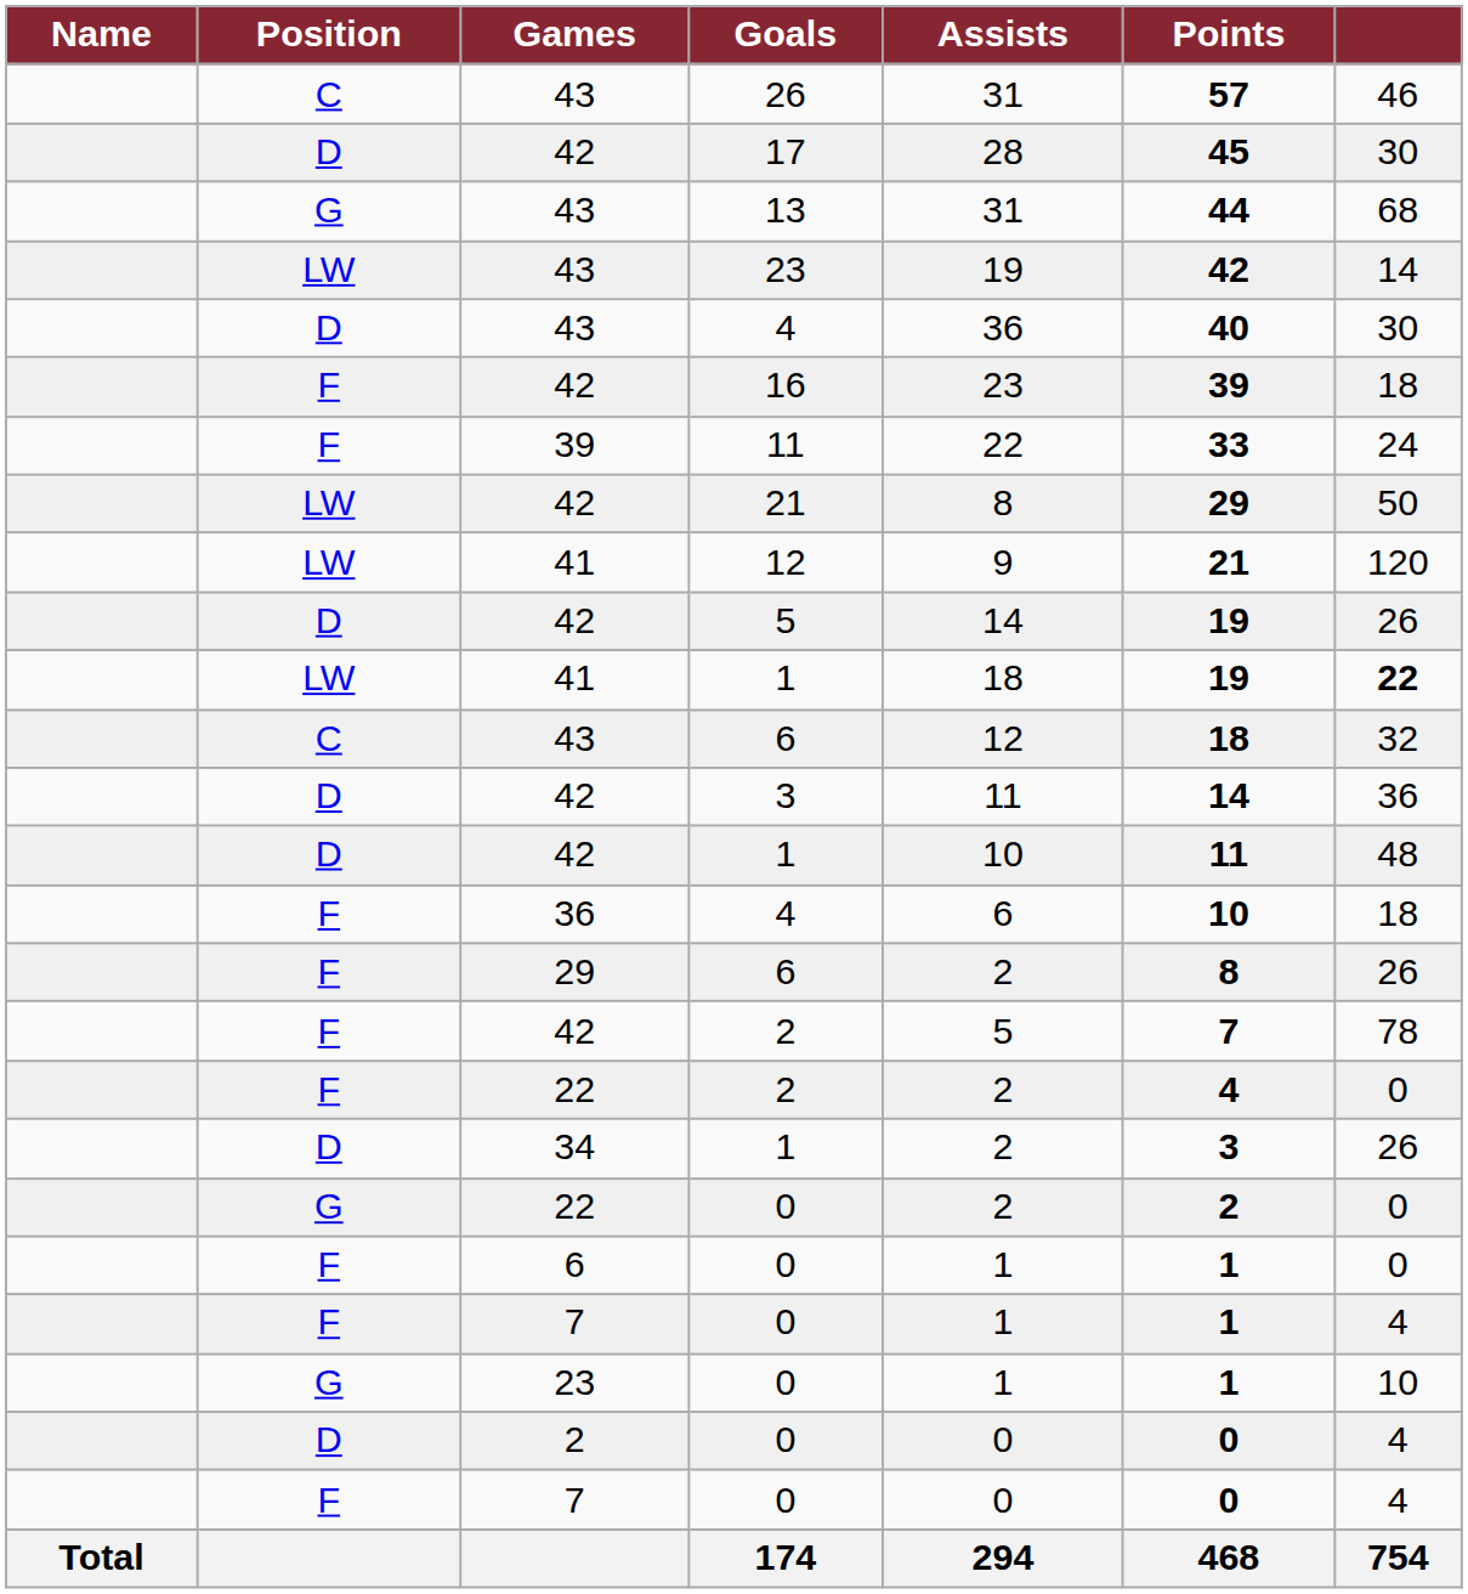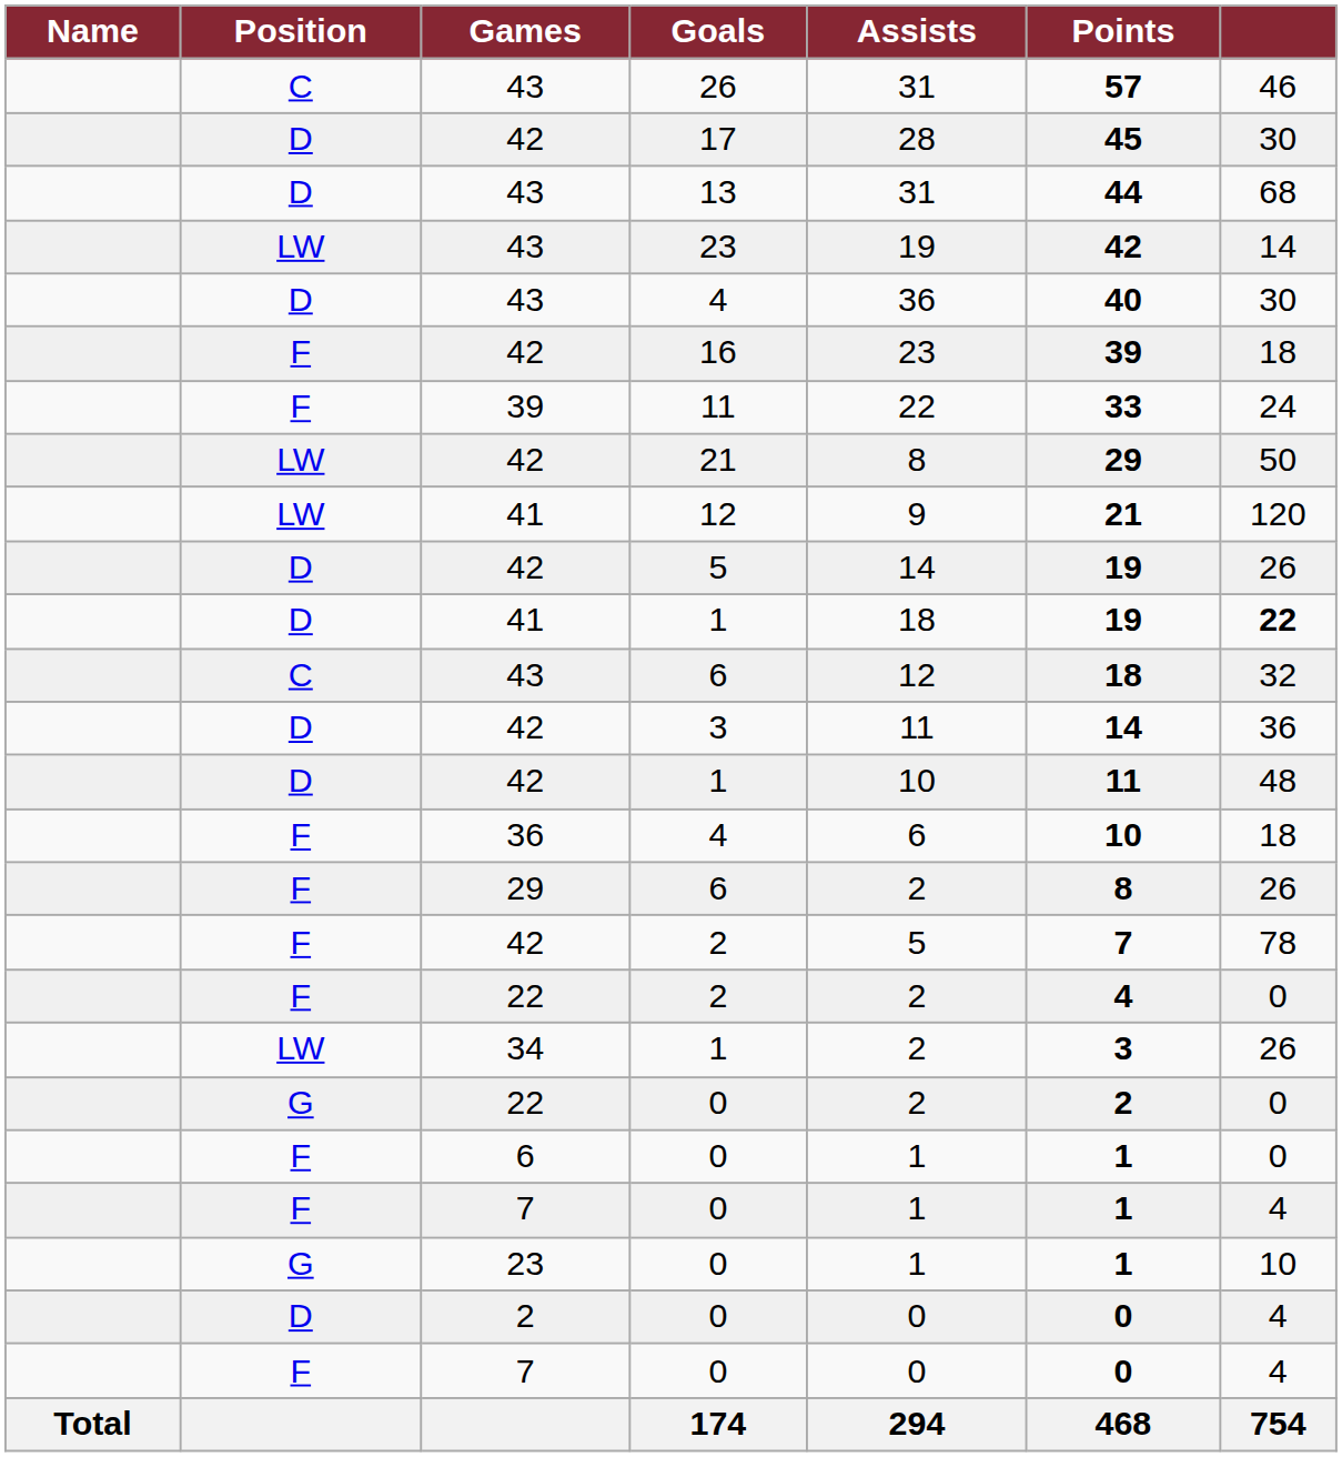 <table class="wikitable sortable" width ="50%">
 <tr align="center">
 <th style="color:white; background:#862633; ">Name</th>
 <th style="color:white; background:#862633; ">Position</th>
 <th style="color:white; background:#862633; ">Games</th>
 <th style="color:white; background:#862633; ">Goals</th>
 <th style="color:white; background:#862633; ">Assists</th>
 <th style="color:white; background:#862633; ">Points</th>
 <th style="color:white; background:#862633; "><a href='#'></a></th>
 </tr>
 <tr align="center" bgcolor="">
 <td></td>
 <td><a href='#'>C</a></td>
 <td>43</td>
 <td>26</td>
 <td>31</td>
 <td><strong>57</strong></td>
 <td>46</td>
 </tr>
 <tr align="center" bgcolor="f0f0f0">
 <td></td>
 <td><a href='#'>D</a></td>
 <td>42</td>
 <td>17</td>
 <td>28</td>
 <td><strong>45</strong></td>
 <td>30</td>
 </tr>
 <tr align="center" bgcolor="">
 <td></td>
-<td><a href='#'>G</a></td>
+<td><a href='#'>D</a></td>
 <td>43</td>
 <td>13</td>
 <td>31</td>
 <td><strong>44</strong></td>
 <td>68</td>
 </tr>
 <tr align="center" bgcolor="f0f0f0">
 <td></td>
 <td><a href='#'>LW</a></td>
 <td>43</td>
 <td>23</td>
 <td>19</td>
 <td><strong>42</strong></td>
 <td>14</td>
 </tr>
 <tr align="center" bgcolor="">
 <td></td>
 <td><a href='#'>D</a></td>
 <td>43</td>
 <td>4</td>
 <td>36</td>
 <td><strong>40</strong></td>
 <td>30</td>
 </tr>
 <tr align="center" bgcolor="f0f0f0">
 <td></td>
 <td><a href='#'>F</a></td>
 <td>42</td>
 <td>16</td>
 <td>23</td>
 <td><strong>39</strong></td>
 <td>18</td>
 </tr>
 <tr align="center" bgcolor="">
 <td></td>
 <td><a href='#'>F</a></td>
 <td>39</td>
 <td>11</td>
 <td>22</td>
 <td><strong>33</strong></td>
 <td>24</td>
 </tr>
 <tr align="center" bgcolor="f0f0f0">
 <td></td>
 <td><a href='#'>LW</a></td>
 <td>42</td>
 <td>21</td>
 <td>8</td>
 <td><strong>29</strong></td>
 <td>50</td>
 </tr>
 <tr align="center" bgcolor="">
 <td></td>
 <td><a href='#'>LW</a></td>
 <td>41</td>
 <td>12</td>
 <td>9</td>
 <td><strong>21</strong></td>
 <td>120</td>
 </tr>
 <tr align="center" bgcolor="f0f0f0">
 <td></td>
 <td><a href='#'>D</a></td>
 <td>42</td>
 <td>5</td>
 <td>14</td>
 <td><strong>19</strong></td>
 <td>26</td>
 </tr>
 <tr align="center" bgcolor="">
 <td></td>
-<td><a href='#'>LW</a></td>
+<td><a href='#'>D</a></td>
 <td>41</td>
 <td>1</td>
 <td>18</td>
 <td><strong>19</strong></td>
 <td><strong>22</strong></td>
 </tr>
 <tr align="center" bgcolor="f0f0f0">
 <td></td>
 <td><a href='#'>C</a></td>
 <td>43</td>
 <td>6</td>
 <td>12</td>
 <td><strong>18</strong></td>
 <td>32</td>
 </tr>
 <tr align="center" bgcolor="">
 <td></td>
 <td><a href='#'>D</a></td>
 <td>42</td>
 <td>3</td>
 <td>11</td>
 <td><strong>14</strong></td>
 <td>36</td>
 </tr>
 <tr align="center" bgcolor="f0f0f0">
 <td></td>
 <td><a href='#'>D</a></td>
 <td>42</td>
 <td>1</td>
 <td>10</td>
 <td><strong>11</strong></td>
 <td>48</td>
 </tr>
 <tr align="center" bgcolor="">
 <td></td>
 <td><a href='#'>F</a></td>
 <td>36</td>
 <td>4</td>
 <td>6</td>
 <td><strong>10</strong></td>
 <td>18</td>
 </tr>
 <tr align="center" bgcolor="f0f0f0">
 <td></td>
 <td><a href='#'>F</a></td>
 <td>29</td>
 <td>6</td>
 <td>2</td>
 <td><strong>8</strong></td>
 <td>26</td>
 </tr>
 <tr align="center" bgcolor="">
 <td></td>
 <td><a href='#'>F</a></td>
 <td>42</td>
 <td>2</td>
 <td>5</td>
 <td><strong>7</strong></td>
 <td>78</td>
 </tr>
 <tr align="center" bgcolor="f0f0f0">
 <td></td>
 <td><a href='#'>F</a></td>
 <td>22</td>
 <td>2</td>
 <td>2</td>
 <td><strong>4</strong></td>
 <td>0</td>
 </tr>
 <tr align="center" bgcolor="">
 <td></td>
-<td><a href='#'>D</a></td>
+<td><a href='#'>LW</a></td>
 <td>34</td>
 <td>1</td>
 <td>2</td>
 <td><strong>3</strong></td>
 <td>26</td>
 </tr>
 <tr align="center" bgcolor="f0f0f0">
 <td></td>
 <td><a href='#'>G</a></td>
 <td>22</td>
 <td>0</td>
 <td>2</td>
 <td><strong>2</strong></td>
 <td>0</td>
 </tr>
 <tr align="center" bgcolor="">
 <td></td>
 <td><a href='#'>F</a></td>
 <td>6</td>
 <td>0</td>
 <td>1</td>
 <td><strong>1</strong></td>
 <td>0</td>
 </tr>
 <tr align="center" bgcolor="f0f0f0">
 <td></td>
 <td><a href='#'>F</a></td>
 <td>7</td>
 <td>0</td>
 <td>1</td>
 <td><strong>1</strong></td>
 <td>4</td>
 </tr>
 <tr align="center" bgcolor="">
 <td></td>
 <td><a href='#'>G</a></td>
 <td>23</td>
 <td>0</td>
 <td>1</td>
 <td><strong>1</strong></td>
 <td>10</td>
 </tr>
 <tr align="center" bgcolor="f0f0f0">
 <td></td>
 <td><a href='#'>D</a></td>
 <td>2</td>
 <td>0</td>
 <td>0</td>
 <td><strong>0</strong></td>
 <td>4</td>
 </tr>
 <tr align="center" bgcolor="">
 <td></td>
 <td><a href='#'>F</a></td>
 <td>7</td>
 <td>0</td>
 <td>0</td>
 <td><strong>0</strong></td>
 <td>4</td>
 </tr>
 <tr align="center" bgcolor="f0f0f0">
 <th>Total</th>
 <th></th>
 <th></th>
 <th>174</th>
 <th>294</th>
 <th>468</th>
 <th>754</th>
 </tr>
 </table>
